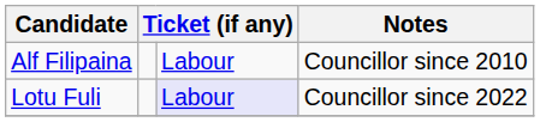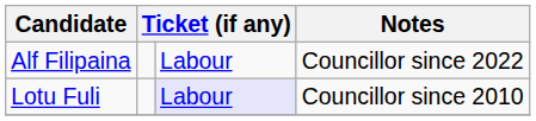 <table class="wikitable" style="font-size: 95%">
 <tr>
 <th>Candidate</th>
 <th colspan="2"><a href='#'>Ticket</a> (if any)</th>
 <th>Notes</th>
 </tr>
 <tr>
 <td><a href='#'>Alf Filipaina</a></td>
 <td style="background-color:"></td>
 <td><a href='#'>Labour</a></td>
-<td>Councillor since 2010</td>
+<td>Councillor since 2022</td>
 </tr>
 <tr>
 <td><a href='#'>Lotu Fuli</a></td>
 <td style="background-color:"></td>
 <td style="background: lavender;"><a href='#'>Labour</a></td>
-<td>Councillor since 2022</td>
+<td>Councillor since 2010</td>
 </tr>
 <tr>
 </tr>
 </table>
